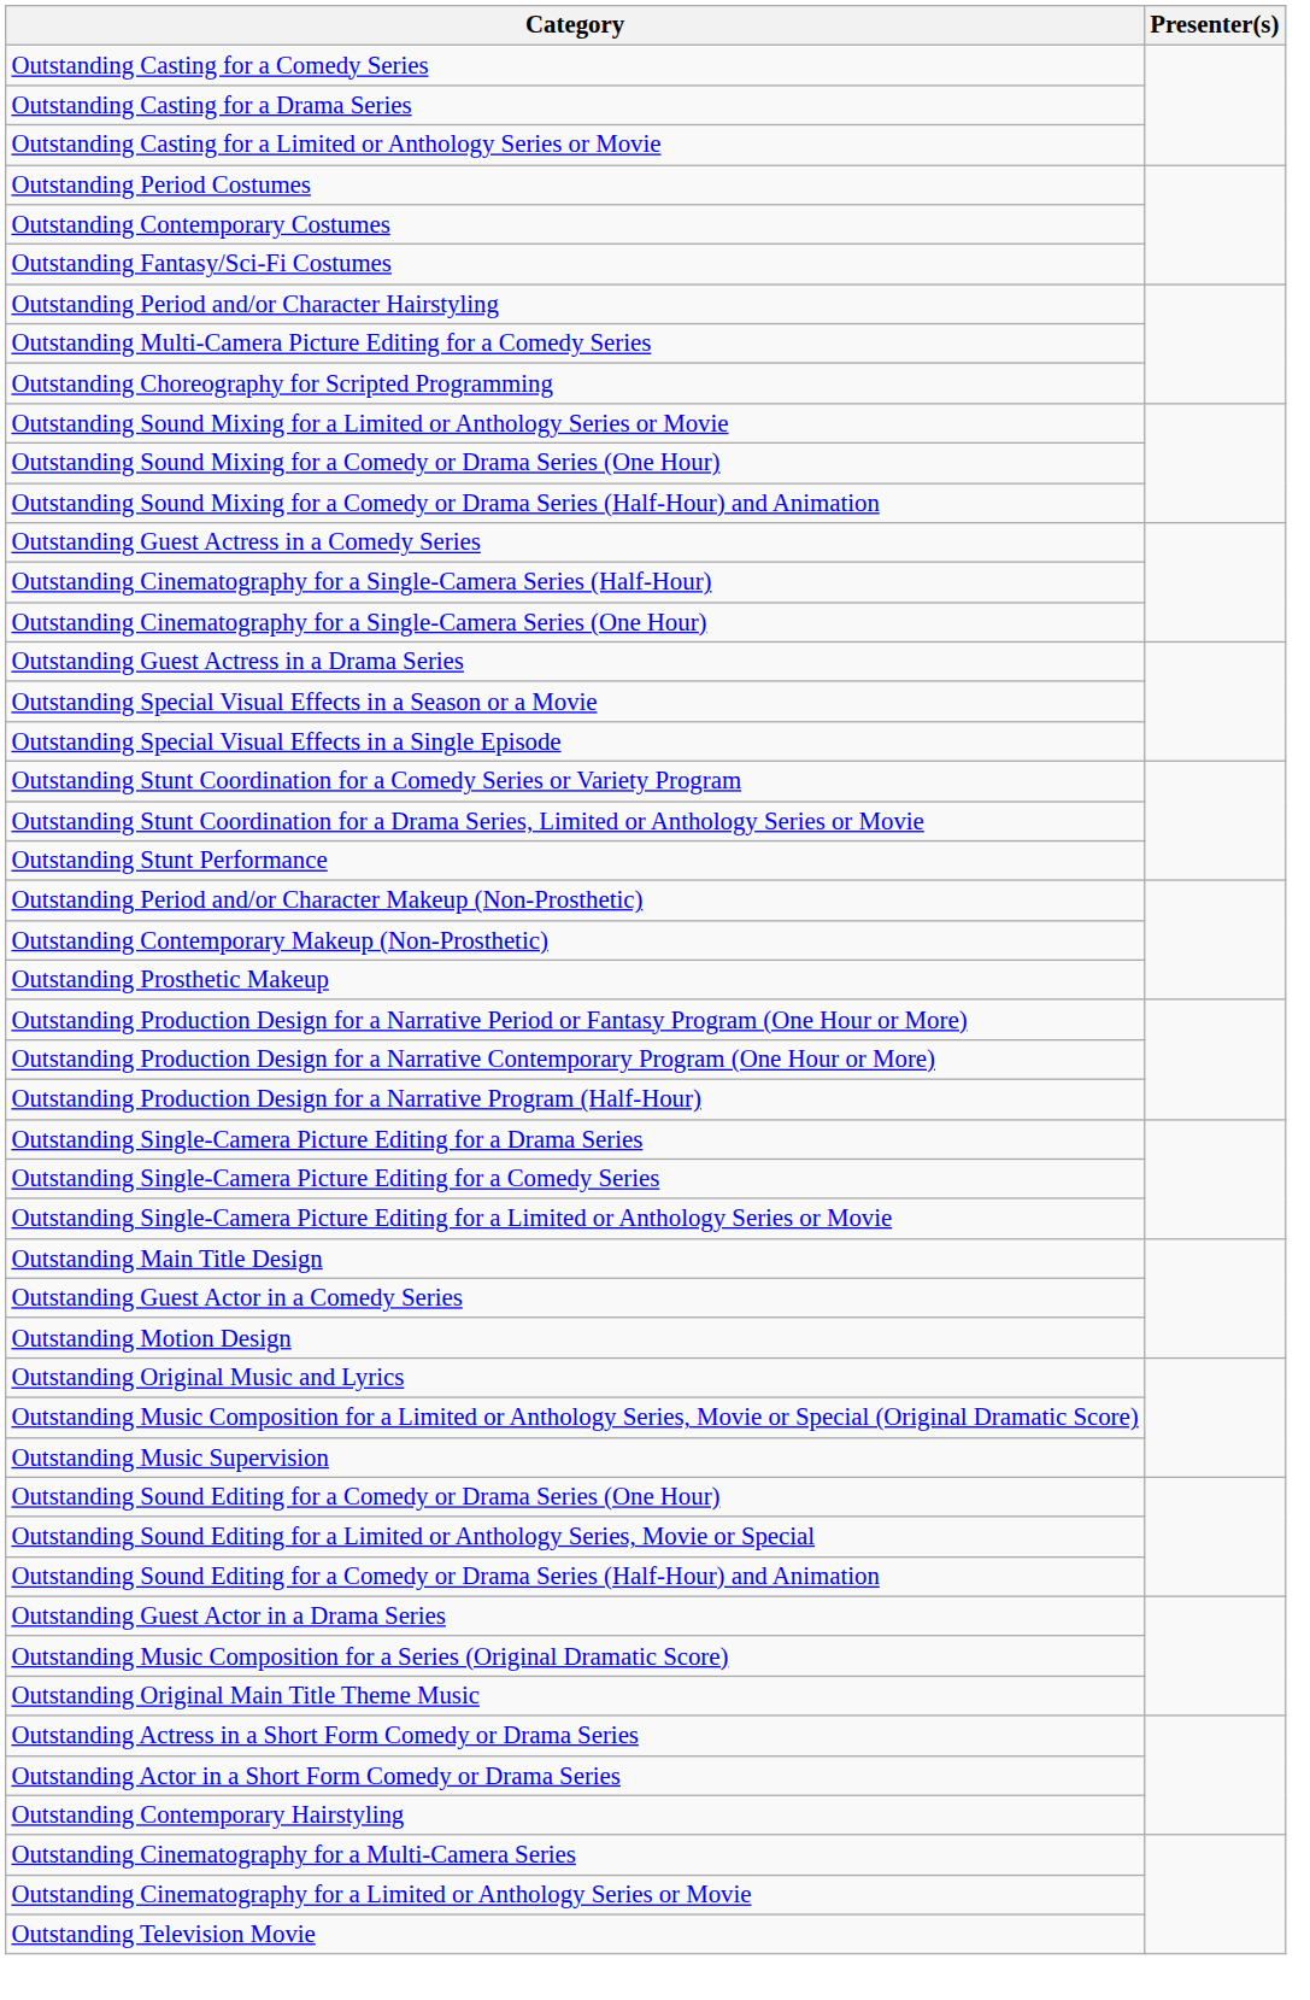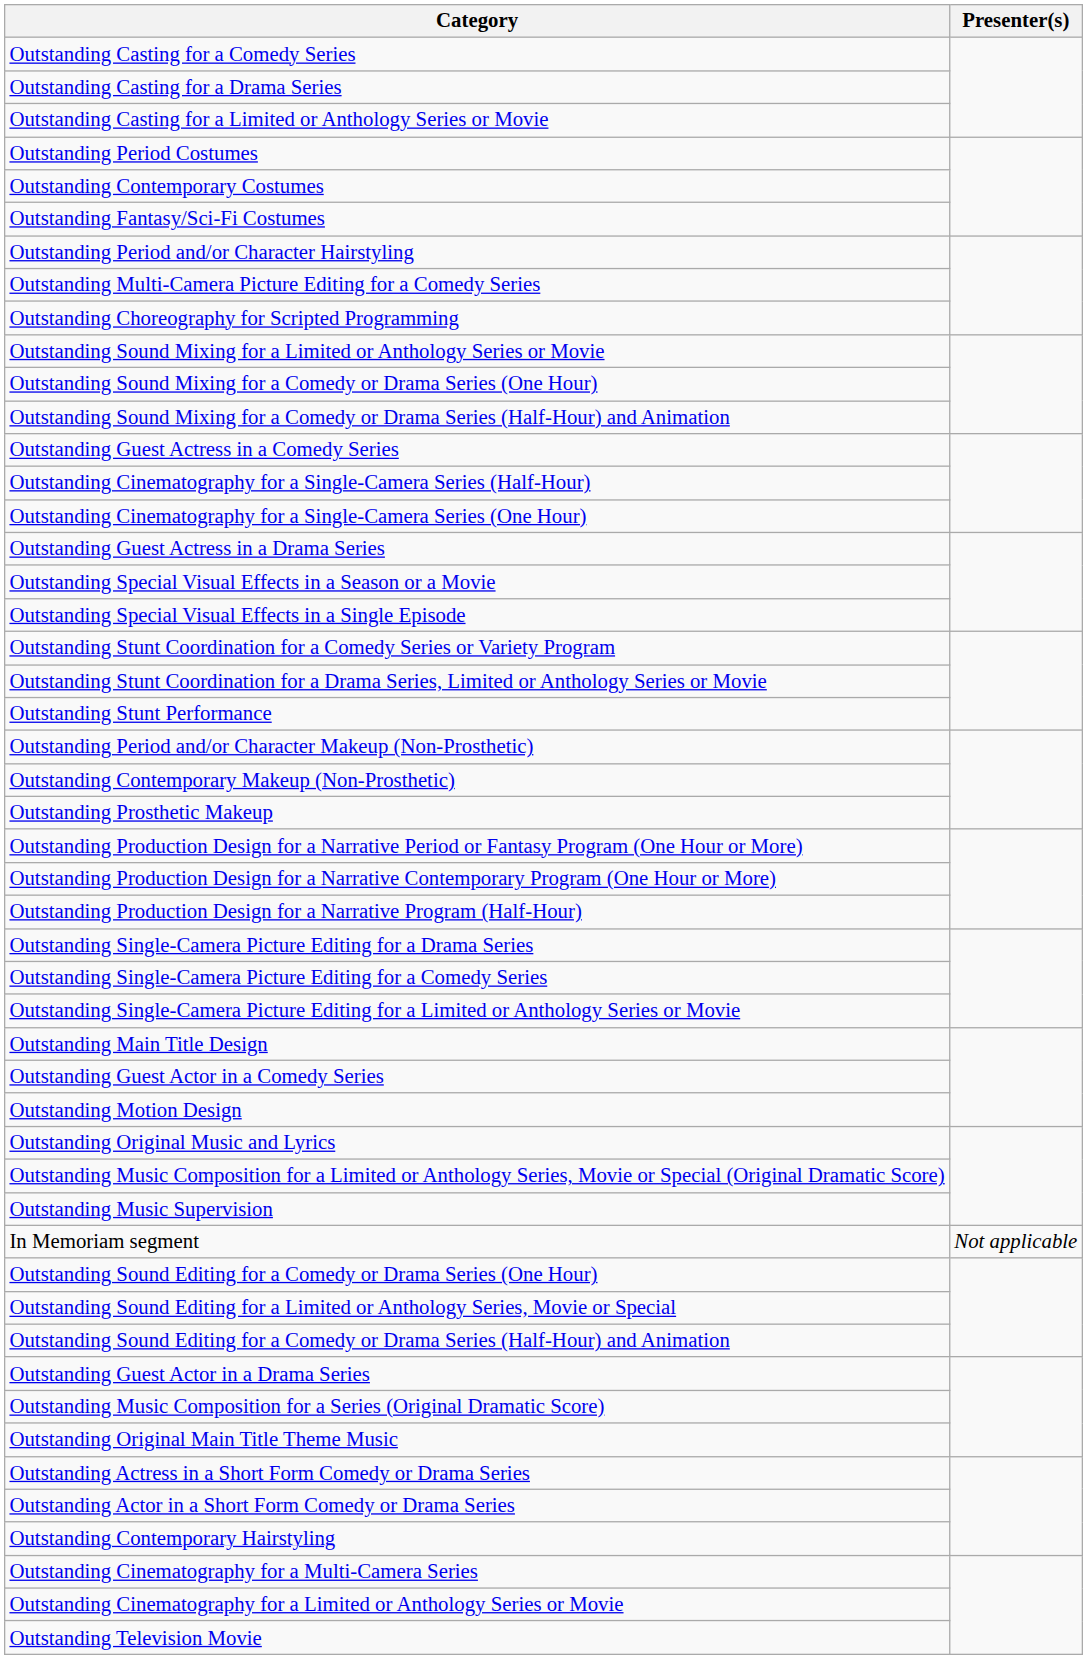 <table class="wikitable sortable" style="max-width:90%">
 <tr>
 <th scope="col">Category</th>
 <th scope="col">Presenter(s)</th>
 </tr>
 <tr>
 <td><a href='#'>Outstanding Casting for a Comedy Series</a></td>
 <td rowspan="3"></td>
 </tr>
 <tr>
 <td><a href='#'>Outstanding Casting for a Drama Series</a></td>
 </tr>
 <tr>
 <td><a href='#'>Outstanding Casting for a Limited or Anthology Series or Movie</a></td>
 </tr>
 <tr>
 <td><a href='#'>Outstanding Period Costumes</a></td>
 <td rowspan="3"></td>
 </tr>
 <tr>
 <td><a href='#'>Outstanding Contemporary Costumes</a></td>
 </tr>
 <tr>
 <td><a href='#'>Outstanding Fantasy/Sci-Fi Costumes</a></td>
 </tr>
 <tr>
 <td><a href='#'>Outstanding Period and/or Character Hairstyling</a></td>
 <td rowspan="3"></td>
 </tr>
 <tr>
 <td><a href='#'>Outstanding Multi-Camera Picture Editing for a Comedy Series</a></td>
 </tr>
 <tr>
 <td><a href='#'>Outstanding Choreography for Scripted Programming</a></td>
 </tr>
 <tr>
 <td><a href='#'>Outstanding Sound Mixing for a Limited or Anthology Series or Movie</a></td>
 <td rowspan="3"></td>
 </tr>
 <tr>
 <td><a href='#'>Outstanding Sound Mixing for a Comedy or Drama Series (One Hour)</a></td>
 </tr>
 <tr>
 <td><a href='#'>Outstanding Sound Mixing for a Comedy or Drama Series (Half-Hour) and Animation</a></td>
 </tr>
 <tr>
 <td><a href='#'>Outstanding Guest Actress in a Comedy Series</a></td>
 <td rowspan="3"></td>
 </tr>
 <tr>
 <td><a href='#'>Outstanding Cinematography for a Single-Camera Series (Half-Hour)</a></td>
 </tr>
 <tr>
 <td><a href='#'>Outstanding Cinematography for a Single-Camera Series (One Hour)</a></td>
 </tr>
 <tr>
 <td><a href='#'>Outstanding Guest Actress in a Drama Series</a></td>
 <td rowspan="3"></td>
 </tr>
 <tr>
 <td><a href='#'>Outstanding Special Visual Effects in a Season or a Movie</a></td>
 </tr>
 <tr>
 <td><a href='#'>Outstanding Special Visual Effects in a Single Episode</a></td>
 </tr>
 <tr>
 <td><a href='#'>Outstanding Stunt Coordination for a Comedy Series or Variety Program</a></td>
 <td rowspan="3"></td>
 </tr>
 <tr>
 <td><a href='#'>Outstanding Stunt Coordination for a Drama Series, Limited or Anthology Series or Movie</a></td>
 </tr>
 <tr>
 <td><a href='#'>Outstanding Stunt Performance</a></td>
 </tr>
 <tr>
 <td><a href='#'>Outstanding Period and/or Character Makeup (Non-Prosthetic)</a></td>
 <td rowspan="3"></td>
 </tr>
 <tr>
 <td><a href='#'>Outstanding Contemporary Makeup (Non-Prosthetic)</a></td>
 </tr>
 <tr>
 <td><a href='#'>Outstanding Prosthetic Makeup</a></td>
 </tr>
 <tr>
 <td><a href='#'>Outstanding Production Design for a Narrative Period or Fantasy Program (One Hour or More)</a></td>
 <td rowspan="3"></td>
 </tr>
 <tr>
 <td><a href='#'>Outstanding Production Design for a Narrative Contemporary Program (One Hour or More)</a></td>
 </tr>
 <tr>
 <td><a href='#'>Outstanding Production Design for a Narrative Program (Half-Hour)</a></td>
 </tr>
 <tr>
 <td><a href='#'>Outstanding Single-Camera Picture Editing for a Drama Series</a></td>
 <td rowspan="3"></td>
 </tr>
 <tr>
 <td><a href='#'>Outstanding Single-Camera Picture Editing for a Comedy Series</a></td>
 </tr>
 <tr>
 <td><a href='#'>Outstanding Single-Camera Picture Editing for a Limited or Anthology Series or Movie</a></td>
 </tr>
 <tr>
 <td><a href='#'>Outstanding Main Title Design</a></td>
 <td rowspan="3"></td>
 </tr>
 <tr>
 <td><a href='#'>Outstanding Guest Actor in a Comedy Series</a></td>
 </tr>
 <tr>
 <td><a href='#'>Outstanding Motion Design</a></td>
 </tr>
 <tr>
 <td><a href='#'>Outstanding Original Music and Lyrics</a></td>
 <td rowspan="3"></td>
 </tr>
 <tr>
 <td><a href='#'>Outstanding Music Composition for a Limited or Anthology Series, Movie or Special (Original Dramatic Score)</a></td>
 </tr>
 <tr>
 <td><a href='#'>Outstanding Music Supervision</a></td>
 </tr>
 <tr>
+<td>In Memoriam segment</td>
+<td><em>Not applicable</em></td>
+</tr>
+<tr>
 <td><a href='#'>Outstanding Sound Editing for a Comedy or Drama Series (One Hour)</a></td>
 <td rowspan="3"></td>
 </tr>
 <tr>
 <td><a href='#'>Outstanding Sound Editing for a Limited or Anthology Series, Movie or Special</a></td>
 </tr>
 <tr>
 <td><a href='#'>Outstanding Sound Editing for a Comedy or Drama Series (Half-Hour) and Animation</a></td>
 </tr>
 <tr>
 <td><a href='#'>Outstanding Guest Actor in a Drama Series</a></td>
 <td rowspan="3"></td>
 </tr>
 <tr>
 <td><a href='#'>Outstanding Music Composition for a Series (Original Dramatic Score)</a></td>
 </tr>
 <tr>
 <td><a href='#'>Outstanding Original Main Title Theme Music</a></td>
 </tr>
 <tr>
 <td><a href='#'>Outstanding Actress in a Short Form Comedy or Drama Series</a></td>
 <td rowspan="3"></td>
 </tr>
 <tr>
 <td><a href='#'>Outstanding Actor in a Short Form Comedy or Drama Series</a></td>
 </tr>
 <tr>
 <td><a href='#'>Outstanding Contemporary Hairstyling</a></td>
 </tr>
 <tr>
 <td><a href='#'>Outstanding Cinematography for a Multi-Camera Series</a></td>
 <td rowspan="3"></td>
 </tr>
 <tr>
 <td><a href='#'>Outstanding Cinematography for a Limited or Anthology Series or Movie</a></td>
 </tr>
 <tr>
 <td><a href='#'>Outstanding Television Movie</a></td>
 </tr>
 </table>
